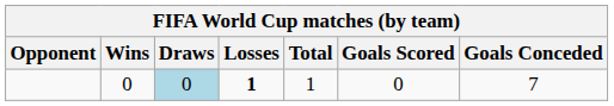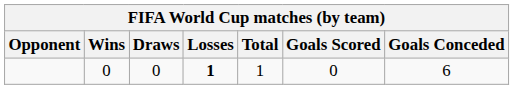 <table class="wikitable sortable" style="text-align: center;">
 <tr>
 <th colspan=7>FIFA World Cup matches (by team)</th>
 </tr>
 <tr>
 <th>Opponent</th>
 <th>Wins</th>
 <th>Draws</th>
 <th>Losses</th>
 <th>Total</th>
 <th>Goals Scored</th>
 <th>Goals Conceded</th>
 </tr>
 <tr>
 <td align="left"></td>
 <td>0</td>
-<td style="background: lightblue;">0</td>
+<td>0</td>
 <td><strong>1</strong></td>
 <td>1</td>
 <td>0</td>
-<td>7</td>
+<td>6</td>
 </tr>
 </table>
